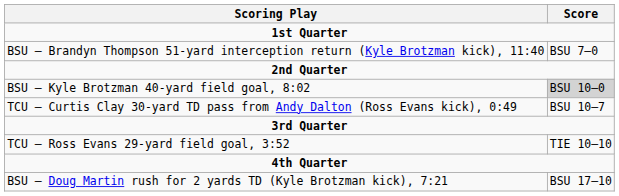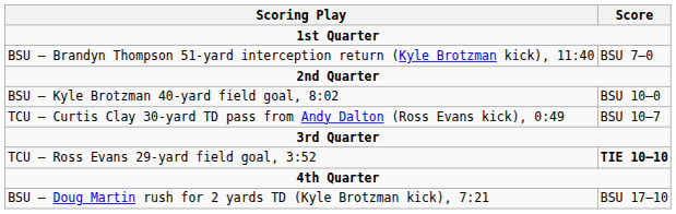 <table class="wikitable">
 <tr>
 <th>Scoring Play</th>
 <th>Score</th>
 </tr>
 <tr>
 <td colspan="4" align="center"><strong>1st Quarter</strong></td>
 </tr>
 <tr>
 <td>BSU — Brandyn Thompson 51-yard interception return (<a href='#'>Kyle Brotzman</a> kick), 11:40</td>
 <td>BSU 7–0</td>
 </tr>
 <tr>
 <td colspan="4" align="center"><strong>2nd Quarter</strong></td>
 </tr>
 <tr>
 <td>BSU — Kyle Brotzman 40-yard field goal, 8:02</td>
-<td style="background: lightgrey;">BSU 10–0</td>
+<td>BSU 10–0</td>
 </tr>
 <tr>
 <td>TCU — Curtis Clay 30-yard TD pass from <a href='#'>Andy Dalton</a> (Ross Evans kick), 0:49</td>
 <td>BSU 10–7</td>
 </tr>
 <tr>
 <td colspan="4" align="center"><strong>3rd Quarter</strong></td>
 </tr>
 <tr>
 <td>TCU — Ross Evans 29-yard field goal, 3:52</td>
-<td>TIE 10–10</td>
+<td><strong>TIE 10–10</strong></td>
 </tr>
 <tr>
 <td colspan="4" align="center"><strong>4th Quarter</strong></td>
 </tr>
 <tr>
 <td>BSU — <a href='#'>Doug Martin</a> rush for 2 yards TD (Kyle Brotzman kick), 7:21</td>
 <td>BSU 17–10</td>
 </tr>
 </table>
